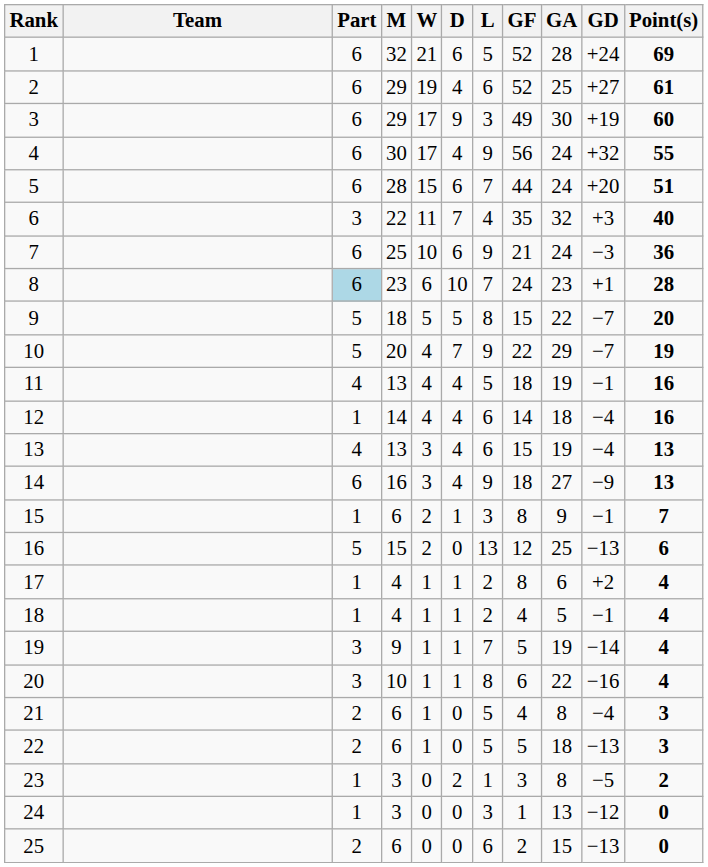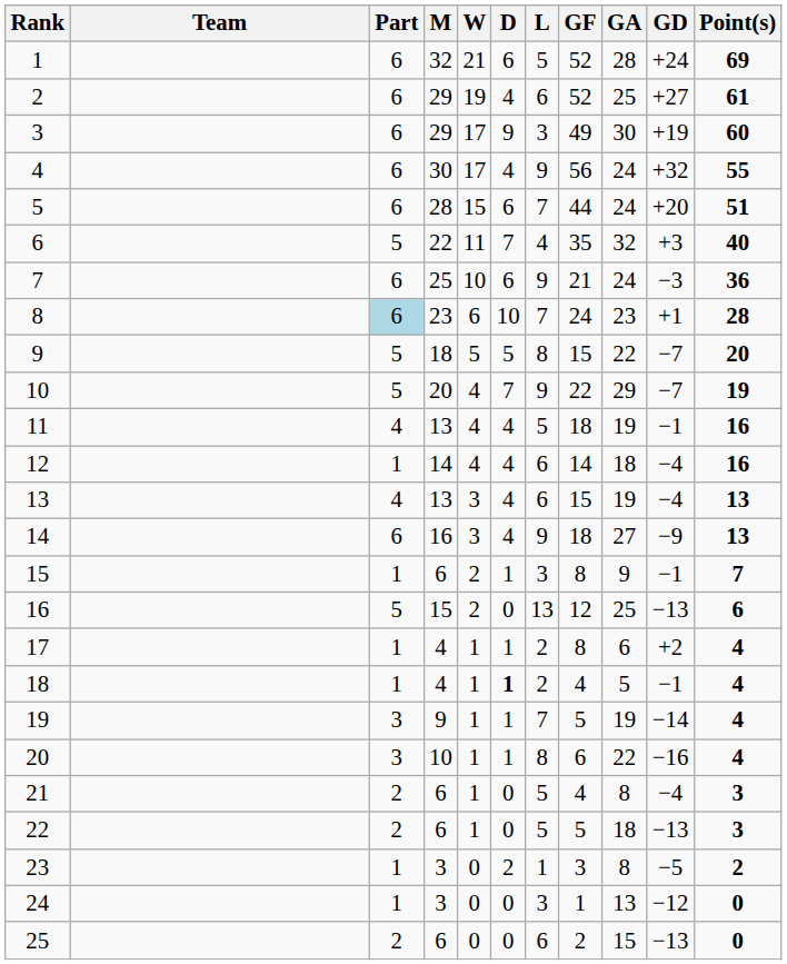 <table class="wikitable sortable" style="text-align:center">
 <tr>
 <th>Rank</th>
 <th width=200>Team</th>
 <th>Part</th>
 <th>M</th>
 <th>W</th>
 <th>D</th>
 <th>L</th>
 <th>GF</th>
 <th>GA</th>
 <th>GD</th>
 <th>Point(s)</th>
 </tr>
 <tr>
 <td>1</td>
 <td align=left></td>
 <td>6</td>
 <td>32</td>
 <td>21</td>
 <td>6</td>
 <td>5</td>
 <td>52</td>
 <td>28</td>
 <td>+24</td>
 <td><strong>69</strong></td>
 </tr>
 <tr>
 <td>2</td>
 <td align=left></td>
 <td>6</td>
 <td>29</td>
 <td>19</td>
 <td>4</td>
 <td>6</td>
 <td>52</td>
 <td>25</td>
 <td>+27</td>
 <td><strong>61</strong></td>
 </tr>
 <tr>
 <td>3</td>
 <td align=left></td>
 <td>6</td>
 <td>29</td>
 <td>17</td>
 <td>9</td>
 <td>3</td>
 <td>49</td>
 <td>30</td>
 <td>+19</td>
 <td><strong>60</strong></td>
 </tr>
 <tr>
 <td>4</td>
 <td align=left></td>
 <td>6</td>
 <td>30</td>
 <td>17</td>
 <td>4</td>
 <td>9</td>
 <td>56</td>
 <td>24</td>
 <td>+32</td>
 <td><strong>55</strong></td>
 </tr>
 <tr>
 <td>5</td>
 <td align=left></td>
 <td>6</td>
 <td>28</td>
 <td>15</td>
 <td>6</td>
 <td>7</td>
 <td>44</td>
 <td>24</td>
 <td>+20</td>
 <td><strong>51</strong></td>
 </tr>
 <tr>
 <td>6</td>
 <td align=left></td>
-<td>3</td>
+<td>5</td>
 <td>22</td>
 <td>11</td>
 <td>7</td>
 <td>4</td>
 <td>35</td>
 <td>32</td>
 <td>+3</td>
 <td><strong>40</strong></td>
 </tr>
 <tr>
 <td>7</td>
 <td align=left></td>
 <td>6</td>
 <td>25</td>
 <td>10</td>
 <td>6</td>
 <td>9</td>
 <td>21</td>
 <td>24</td>
 <td>−3</td>
 <td><strong>36</strong></td>
 </tr>
 <tr>
 <td>8</td>
 <td align=left></td>
 <td style="background: lightblue;">6</td>
 <td>23</td>
 <td>6</td>
 <td>10</td>
 <td>7</td>
 <td>24</td>
 <td>23</td>
 <td>+1</td>
 <td><strong>28</strong></td>
 </tr>
 <tr>
 <td>9</td>
 <td align=left></td>
 <td>5</td>
 <td>18</td>
 <td>5</td>
 <td>5</td>
 <td>8</td>
 <td>15</td>
 <td>22</td>
 <td>−7</td>
 <td><strong>20</strong></td>
 </tr>
 <tr>
 <td>10</td>
 <td align=left></td>
 <td>5</td>
 <td>20</td>
 <td>4</td>
 <td>7</td>
 <td>9</td>
 <td>22</td>
 <td>29</td>
 <td>−7</td>
 <td><strong>19</strong></td>
 </tr>
 <tr>
 <td>11</td>
 <td align=left></td>
 <td>4</td>
 <td>13</td>
 <td>4</td>
 <td>4</td>
 <td>5</td>
 <td>18</td>
 <td>19</td>
 <td>−1</td>
 <td><strong>16</strong></td>
 </tr>
 <tr>
 <td>12</td>
 <td align=left></td>
 <td>1</td>
 <td>14</td>
 <td>4</td>
 <td>4</td>
 <td>6</td>
 <td>14</td>
 <td>18</td>
 <td>−4</td>
 <td><strong>16</strong></td>
 </tr>
 <tr>
 <td>13</td>
 <td align=left></td>
 <td>4</td>
 <td>13</td>
 <td>3</td>
 <td>4</td>
 <td>6</td>
 <td>15</td>
 <td>19</td>
 <td>−4</td>
 <td><strong>13</strong></td>
 </tr>
 <tr>
 <td>14</td>
 <td align=left></td>
 <td>6</td>
 <td>16</td>
 <td>3</td>
 <td>4</td>
 <td>9</td>
 <td>18</td>
 <td>27</td>
 <td>−9</td>
 <td><strong>13</strong></td>
 </tr>
 <tr>
 <td>15</td>
 <td align=left></td>
 <td>1</td>
 <td>6</td>
 <td>2</td>
 <td>1</td>
 <td>3</td>
 <td>8</td>
 <td>9</td>
 <td>−1</td>
 <td><strong>7</strong></td>
 </tr>
 <tr>
 <td>16</td>
 <td align=left></td>
 <td>5</td>
 <td>15</td>
 <td>2</td>
 <td>0</td>
 <td>13</td>
 <td>12</td>
 <td>25</td>
 <td>−13</td>
 <td><strong>6</strong></td>
 </tr>
 <tr>
 <td>17</td>
 <td align=left></td>
 <td>1</td>
 <td>4</td>
 <td>1</td>
 <td>1</td>
 <td>2</td>
 <td>8</td>
 <td>6</td>
 <td>+2</td>
 <td><strong>4</strong></td>
 </tr>
 <tr>
 <td>18</td>
 <td align=left></td>
 <td>1</td>
 <td>4</td>
 <td>1</td>
-<td>1</td>
+<td><strong>1</strong></td>
 <td>2</td>
 <td>4</td>
 <td>5</td>
 <td>−1</td>
 <td><strong>4</strong></td>
 </tr>
 <tr>
 <td>19</td>
 <td align=left></td>
 <td>3</td>
 <td>9</td>
 <td>1</td>
 <td>1</td>
 <td>7</td>
 <td>5</td>
 <td>19</td>
 <td>−14</td>
 <td><strong>4</strong></td>
 </tr>
 <tr>
 <td>20</td>
 <td align=left></td>
 <td>3</td>
 <td>10</td>
 <td>1</td>
 <td>1</td>
 <td>8</td>
 <td>6</td>
 <td>22</td>
 <td>−16</td>
 <td><strong>4</strong></td>
 </tr>
 <tr>
 <td>21</td>
 <td align=left></td>
 <td>2</td>
 <td>6</td>
 <td>1</td>
 <td>0</td>
 <td>5</td>
 <td>4</td>
 <td>8</td>
 <td>−4</td>
 <td><strong>3</strong></td>
 </tr>
 <tr>
 <td>22</td>
 <td align=left></td>
 <td>2</td>
 <td>6</td>
 <td>1</td>
 <td>0</td>
 <td>5</td>
 <td>5</td>
 <td>18</td>
 <td>−13</td>
 <td><strong>3</strong></td>
 </tr>
 <tr>
 <td>23</td>
 <td align=left></td>
 <td>1</td>
 <td>3</td>
 <td>0</td>
 <td>2</td>
 <td>1</td>
 <td>3</td>
 <td>8</td>
 <td>−5</td>
 <td><strong>2</strong></td>
 </tr>
 <tr>
 <td>24</td>
 <td align=left></td>
 <td>1</td>
 <td>3</td>
 <td>0</td>
 <td>0</td>
 <td>3</td>
 <td>1</td>
 <td>13</td>
 <td>−12</td>
 <td><strong>0</strong></td>
 </tr>
 <tr>
 <td>25</td>
 <td align=left></td>
 <td>2</td>
 <td>6</td>
 <td>0</td>
 <td>0</td>
 <td>6</td>
 <td>2</td>
 <td>15</td>
 <td>−13</td>
 <td><strong>0</strong></td>
 </tr>
 </table>
